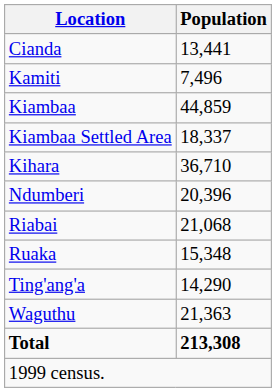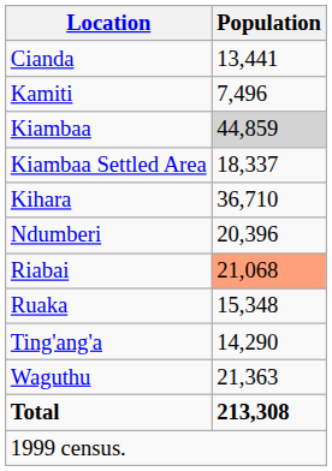 <table class="wikitable">
 <tr>
 <th><a href='#'>Location</a></th>
 <th>Population</th>
 </tr>
 <tr>
 <td><a href='#'>Cianda</a></td>
 <td>13,441</td>
 </tr>
 <tr>
 <td><a href='#'>Kamiti</a></td>
 <td>7,496</td>
 </tr>
 <tr>
 <td><a href='#'>Kiambaa</a></td>
-<td>44,859</td>
+<td style="background: lightgrey;">44,859</td>
 </tr>
 <tr>
 <td><a href='#'>Kiambaa Settled Area</a></td>
 <td>18,337</td>
 </tr>
 <tr>
 <td><a href='#'>Kihara</a></td>
 <td>36,710</td>
 </tr>
 <tr>
 <td><a href='#'>Ndumberi</a></td>
 <td>20,396</td>
 </tr>
 <tr>
 <td><a href='#'>Riabai</a></td>
-<td>21,068</td>
+<td style="background: lightsalmon;">21,068</td>
 </tr>
 <tr>
 <td><a href='#'>Ruaka</a></td>
 <td>15,348</td>
 </tr>
 <tr>
 <td><a href='#'>Ting'ang'a</a></td>
 <td>14,290</td>
 </tr>
 <tr>
 <td><a href='#'>Waguthu</a></td>
 <td>21,363</td>
 </tr>
 <tr>
 <td><strong>Total</strong></td>
 <td><strong>213,308</strong></td>
 </tr>
 <tr>
 <td colspan="2">1999 census.</td>
 </tr>
 </table>
